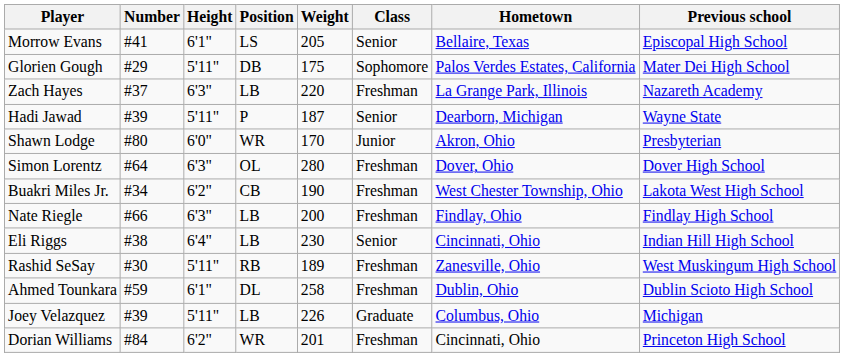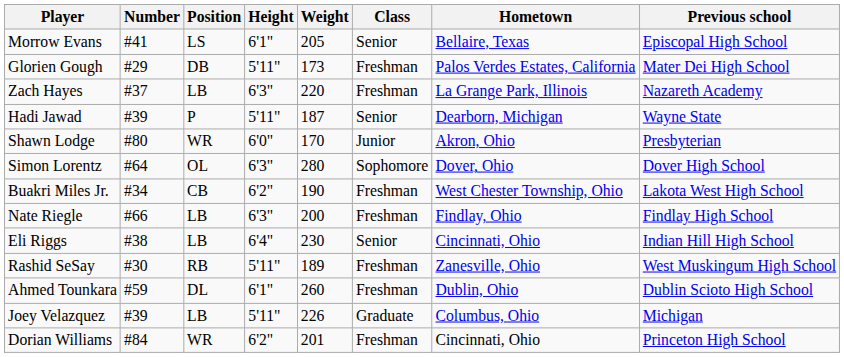 <table class="wikitable sortable">
 <tr>
 <th style="text-align:center;">Player</th>
 <th style="text-align:center;">Number</th>
+<th style="text-align:center;">Position</th>
 <th style="text-align:center;">Height</th>
-<th style="text-align:center;">Position</th>
 <th style="text-align:center;">Weight</th>
 <th style="text-align:center;">Class</th>
 <th style="text-align:center;">Hometown</th>
 <th style="text-align:center;">Previous school</th>
 </tr>
 <tr>
 <td>Morrow Evans</td>
 <td>#41</td>
+<td>LS</td>
 <td>6'1"</td>
-<td>LS</td>
 <td>205</td>
 <td>Senior</td>
 <td><a href='#'>Bellaire, Texas</a></td>
 <td><a href='#'>Episcopal High School</a></td>
 </tr>
 <tr>
 <td>Glorien Gough</td>
 <td>#29</td>
+<td>DB</td>
 <td>5'11"</td>
-<td>DB</td>
-<td>175</td>
-<td>Sophomore</td>
+<td>173</td>
+<td>Freshman</td>
 <td><a href='#'>Palos Verdes Estates, California</a></td>
 <td><a href='#'>Mater Dei High School</a></td>
 </tr>
 <tr>
 <td>Zach Hayes</td>
 <td>#37</td>
+<td>LB</td>
 <td>6'3"</td>
-<td>LB</td>
 <td>220</td>
 <td>Freshman</td>
 <td><a href='#'>La Grange Park, Illinois</a></td>
 <td><a href='#'>Nazareth Academy</a></td>
 </tr>
 <tr>
 <td>Hadi Jawad</td>
 <td>#39</td>
+<td>P</td>
 <td>5'11"</td>
-<td>P</td>
 <td>187</td>
 <td>Senior</td>
 <td><a href='#'>Dearborn, Michigan</a></td>
 <td><a href='#'>Wayne State</a></td>
 </tr>
 <tr>
 <td>Shawn Lodge</td>
 <td>#80</td>
+<td>WR</td>
 <td>6'0"</td>
-<td>WR</td>
 <td>170</td>
 <td>Junior</td>
 <td><a href='#'>Akron, Ohio</a></td>
 <td><a href='#'>Presbyterian</a></td>
 </tr>
 <tr>
 <td>Simon Lorentz</td>
 <td>#64</td>
+<td>OL</td>
 <td>6'3"</td>
-<td>OL</td>
 <td>280</td>
-<td>Freshman</td>
+<td>Sophomore</td>
 <td><a href='#'>Dover, Ohio</a></td>
 <td><a href='#'>Dover High School</a></td>
 </tr>
 <tr>
 <td>Buakri Miles Jr.</td>
 <td>#34</td>
+<td>CB</td>
 <td>6'2"</td>
-<td>CB</td>
 <td>190</td>
 <td>Freshman</td>
 <td><a href='#'>West Chester Township, Ohio</a></td>
 <td><a href='#'>Lakota West High School</a></td>
 </tr>
 <tr>
 <td>Nate Riegle</td>
 <td>#66</td>
+<td>LB</td>
 <td>6'3"</td>
-<td>LB</td>
 <td>200</td>
 <td>Freshman</td>
 <td><a href='#'>Findlay, Ohio</a></td>
 <td><a href='#'>Findlay High School</a></td>
 </tr>
 <tr>
 <td>Eli Riggs</td>
 <td>#38</td>
+<td>LB</td>
 <td>6'4"</td>
-<td>LB</td>
 <td>230</td>
 <td>Senior</td>
 <td><a href='#'>Cincinnati, Ohio</a></td>
 <td><a href='#'>Indian Hill High School</a></td>
 </tr>
 <tr>
 <td>Rashid SeSay</td>
 <td>#30</td>
+<td>RB</td>
 <td>5'11"</td>
-<td>RB</td>
 <td>189</td>
 <td>Freshman</td>
 <td><a href='#'>Zanesville, Ohio</a></td>
 <td><a href='#'>West Muskingum High School</a></td>
 </tr>
 <tr>
 <td>Ahmed Tounkara</td>
 <td>#59</td>
+<td>DL</td>
 <td>6'1"</td>
-<td>DL</td>
-<td>258</td>
+<td>260</td>
 <td>Freshman</td>
 <td><a href='#'>Dublin, Ohio</a></td>
 <td><a href='#'>Dublin Scioto High School</a></td>
 </tr>
 <tr>
 <td>Joey Velazquez</td>
 <td>#39</td>
+<td>LB</td>
 <td>5'11"</td>
-<td>LB</td>
 <td>226</td>
 <td>Graduate</td>
 <td><a href='#'>Columbus, Ohio</a></td>
 <td><a href='#'>Michigan</a></td>
 </tr>
 <tr>
 <td>Dorian Williams</td>
 <td>#84</td>
+<td>WR</td>
 <td>6'2"</td>
-<td>WR</td>
 <td>201</td>
 <td>Freshman</td>
 <td>Cincinnati, Ohio</td>
 <td><a href='#'>Princeton High School</a></td>
 </tr>
 </table>
